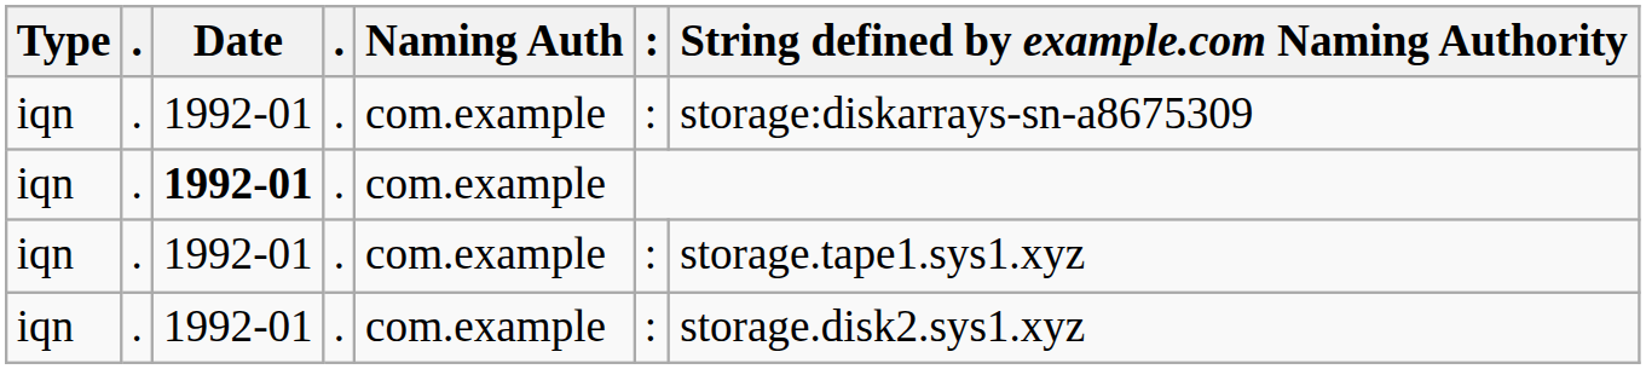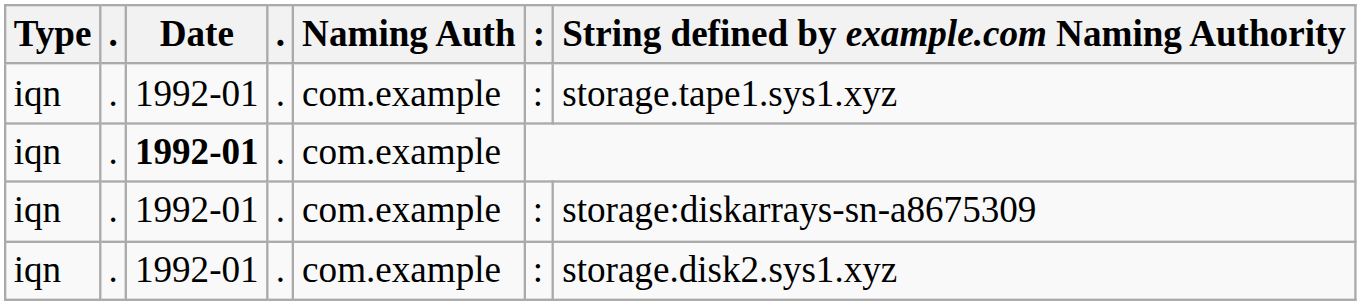 <table class="wikitable">
 <tr>
 <th>Type</th>
 <th>.</th>
 <th>Date</th>
 <th>.</th>
 <th>Naming Auth</th>
 <th>:</th>
 <th>String defined by <em>example.com</em> Naming Authority</th>
 </tr>
 <tr>
 <td>iqn</td>
 <td>.</td>
 <td>1992-01</td>
 <td>.</td>
 <td>com.example</td>
 <td>:</td>
-<td>storage:diskarrays-sn-a8675309</td>
+<td>storage.tape1.sys1.xyz</td>
 </tr>
 <tr>
 <td>iqn</td>
 <td>.</td>
 <td><strong>1992-01</strong></td>
 <td>.</td>
 <td>com.example</td>
 </tr>
 <tr>
 <td>iqn</td>
 <td>.</td>
 <td>1992-01</td>
 <td>.</td>
 <td>com.example</td>
 <td>:</td>
-<td>storage.tape1.sys1.xyz</td>
+<td>storage:diskarrays-sn-a8675309</td>
 </tr>
 <tr>
 <td>iqn</td>
 <td>.</td>
 <td>1992-01</td>
 <td>.</td>
 <td>com.example</td>
 <td>:</td>
 <td>storage.disk2.sys1.xyz</td>
 </tr>
 </table>
